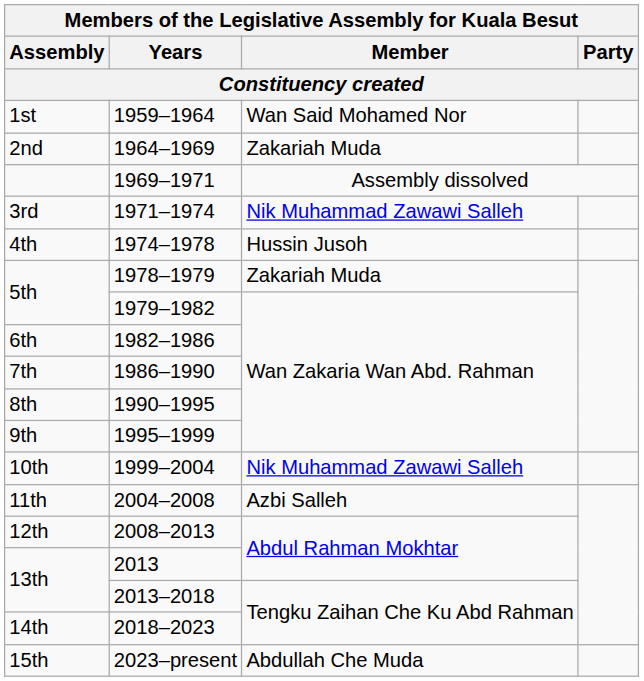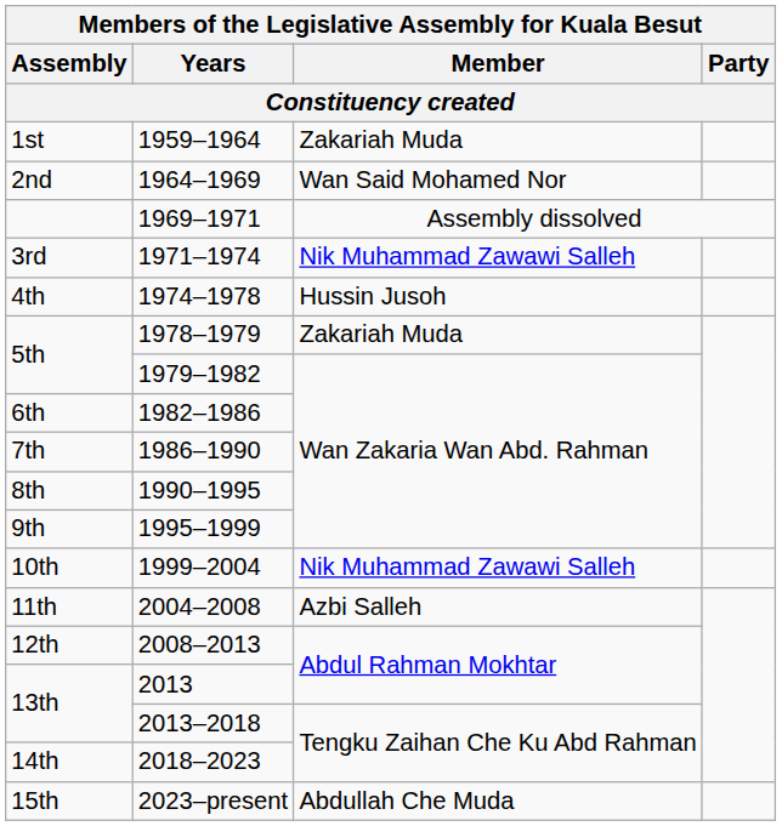 <table class=wikitable>
 <tr>
 <th colspan=4>Members of the Legislative Assembly for Kuala Besut</th>
 </tr>
 <tr>
 <th>Assembly</th>
 <th>Years</th>
 <th>Member</th>
 <th>Party</th>
 </tr>
 <tr>
 <th colspan=4 align=center><em>Constituency created</em></th>
 </tr>
 <tr>
 <td>1st</td>
 <td>1959–1964</td>
-<td>Wan Said Mohamed Nor</td>
+<td>Zakariah Muda</td>
 <td></td>
 </tr>
 <tr>
 <td>2nd</td>
 <td>1964–1969</td>
-<td>Zakariah Muda</td>
+<td>Wan Said Mohamed Nor</td>
 <td></td>
 </tr>
 <tr>
 <td></td>
 <td>1969–1971</td>
 <td colspan=2 align=center>Assembly dissolved</td>
 </tr>
 <tr>
 <td>3rd</td>
 <td>1971–1974</td>
 <td><a href='#'>Nik Muhammad Zawawi Salleh</a></td>
 <td></td>
 </tr>
 <tr>
 <td>4th</td>
 <td>1974–1978</td>
 <td>Hussin Jusoh</td>
 <td></td>
 </tr>
 <tr>
 <td rowspan=2>5th</td>
 <td>1978–1979</td>
 <td>Zakariah Muda</td>
 <td rowspan=6></td>
 </tr>
 <tr>
 <td>1979–1982</td>
 <td rowspan=5>Wan Zakaria Wan Abd. Rahman</td>
 </tr>
 <tr>
 <td>6th</td>
 <td>1982–1986</td>
 </tr>
 <tr>
 <td>7th</td>
 <td>1986–1990</td>
 </tr>
 <tr>
 <td>8th</td>
 <td>1990–1995</td>
 </tr>
 <tr>
 <td>9th</td>
 <td>1995–1999</td>
 </tr>
 <tr>
 <td>10th</td>
 <td>1999–2004</td>
 <td><a href='#'>Nik Muhammad Zawawi Salleh</a></td>
 <td></td>
 </tr>
 <tr>
 <td>11th</td>
 <td>2004–2008</td>
 <td>Azbi Salleh</td>
 <td rowspan=5></td>
 </tr>
 <tr>
 <td>12th</td>
 <td>2008–2013</td>
 <td rowspan=2><a href='#'>Abdul Rahman Mokhtar</a></td>
 </tr>
 <tr>
 <td rowspan=2>13th</td>
 <td>2013</td>
 </tr>
 <tr>
 <td>2013–2018</td>
 <td rowspan=2>Tengku Zaihan Che Ku Abd Rahman</td>
 </tr>
 <tr>
 <td>14th</td>
 <td>2018–2023</td>
 </tr>
 <tr>
 <td>15th</td>
 <td>2023–present</td>
 <td>Abdullah Che Muda</td>
 <td></td>
 </tr>
 </table>
